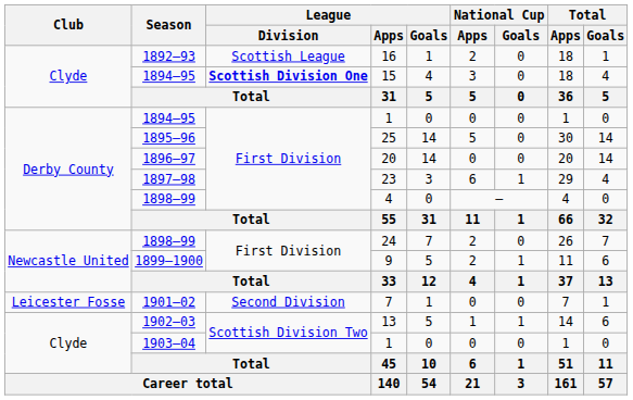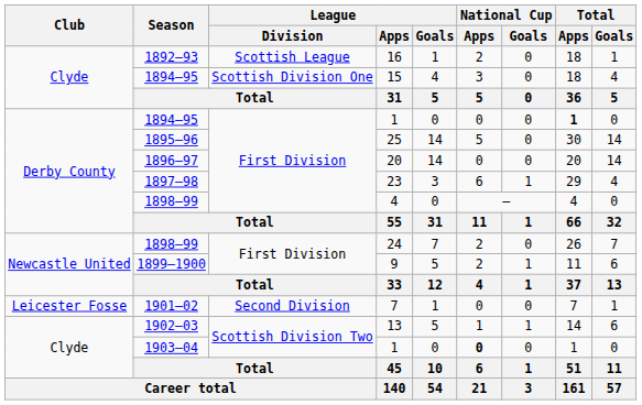 <table class="wikitable" style="text-align: center;">
 <tr>
 <th rowspan="2">Club</th>
 <th rowspan="2">Season</th>
 <th colspan="3">League</th>
 <th colspan="2">National Cup</th>
 <th colspan="2">Total</th>
 </tr>
 <tr>
 <th>Division</th>
 <th>Apps</th>
 <th>Goals</th>
 <th>Apps</th>
 <th>Goals</th>
 <th>Apps</th>
 <th>Goals</th>
 </tr>
 <tr>
 <td rowspan="3"><a href='#'>Clyde</a></td>
 <td><a href='#'>1892–93</a></td>
 <td><a href='#'>Scottish League</a></td>
 <td>16</td>
 <td>1</td>
 <td>2</td>
 <td>0</td>
 <td>18</td>
 <td>1</td>
 </tr>
 <tr>
 <td><a href='#'>1894–95</a></td>
-<td><strong><a href='#'>Scottish Division One</a></strong></td>
+<td><a href='#'>Scottish Division One</a></td>
 <td>15</td>
 <td>4</td>
 <td>3</td>
 <td>0</td>
 <td>18</td>
 <td>4</td>
 </tr>
 <tr>
 <th colspan="2">Total</th>
 <th>31</th>
 <th>5</th>
 <th>5</th>
 <th>0</th>
 <th>36</th>
 <th>5</th>
 </tr>
 <tr>
 <td rowspan="6"><a href='#'>Derby County</a></td>
 <td><a href='#'>1894–95</a></td>
 <td rowspan="5"><a href='#'>First Division</a></td>
 <td>1</td>
 <td>0</td>
 <td>0</td>
 <td>0</td>
-<td>1</td>
+<td><strong>1</strong></td>
 <td>0</td>
 </tr>
 <tr>
 <td><a href='#'>1895–96</a></td>
 <td>25</td>
 <td>14</td>
 <td>5</td>
 <td>0</td>
 <td>30</td>
 <td>14</td>
 </tr>
 <tr>
 <td><a href='#'>1896–97</a></td>
 <td>20</td>
 <td>14</td>
 <td>0</td>
 <td>0</td>
 <td>20</td>
 <td>14</td>
 </tr>
 <tr>
 <td><a href='#'>1897–98</a></td>
 <td>23</td>
 <td>3</td>
 <td>6</td>
 <td>1</td>
 <td>29</td>
 <td>4</td>
 </tr>
 <tr>
 <td><a href='#'>1898–99</a></td>
 <td>4</td>
 <td>0</td>
 <td colspan="2">—</td>
 <td>4</td>
 <td>0</td>
 </tr>
 <tr>
 <th colspan="2">Total</th>
 <th>55</th>
 <th>31</th>
 <th>11</th>
 <th>1</th>
 <th>66</th>
 <th>32</th>
 </tr>
 <tr>
 <td rowspan="3"><a href='#'>Newcastle United</a></td>
 <td><a href='#'>1898–99</a></td>
 <td rowspan="2">First Division</td>
 <td>24</td>
 <td>7</td>
 <td>2</td>
 <td>0</td>
 <td>26</td>
 <td>7</td>
 </tr>
 <tr>
 <td><a href='#'>1899–1900</a></td>
 <td>9</td>
 <td>5</td>
 <td>2</td>
 <td>1</td>
 <td>11</td>
 <td>6</td>
 </tr>
 <tr>
 <th colspan="2">Total</th>
 <th>33</th>
 <th>12</th>
 <th>4</th>
 <th>1</th>
 <th>37</th>
 <th>13</th>
 </tr>
 <tr>
 <td><a href='#'>Leicester Fosse</a></td>
 <td><a href='#'>1901–02</a></td>
 <td><a href='#'>Second Division</a></td>
 <td>7</td>
 <td>1</td>
 <td>0</td>
 <td>0</td>
 <td>7</td>
 <td>1</td>
 </tr>
 <tr>
 <td rowspan="3">Clyde</td>
 <td><a href='#'>1902–03</a></td>
 <td rowspan="2"><a href='#'>Scottish Division Two</a></td>
 <td>13</td>
 <td>5</td>
 <td>1</td>
 <td>1</td>
 <td>14</td>
 <td>6</td>
 </tr>
 <tr>
 <td><a href='#'>1903–04</a></td>
 <td>1</td>
 <td>0</td>
-<td>0</td>
+<td><strong>0</strong></td>
 <td>0</td>
 <td>1</td>
 <td>0</td>
 </tr>
 <tr>
 <th colspan="2">Total</th>
 <th>45</th>
 <th>10</th>
 <th>6</th>
 <th>1</th>
 <th>51</th>
 <th>11</th>
 </tr>
 <tr>
 <th colspan="3">Career total</th>
 <th>140</th>
 <th>54</th>
 <th>21</th>
 <th>3</th>
 <th>161</th>
 <th>57</th>
 </tr>
 </table>
